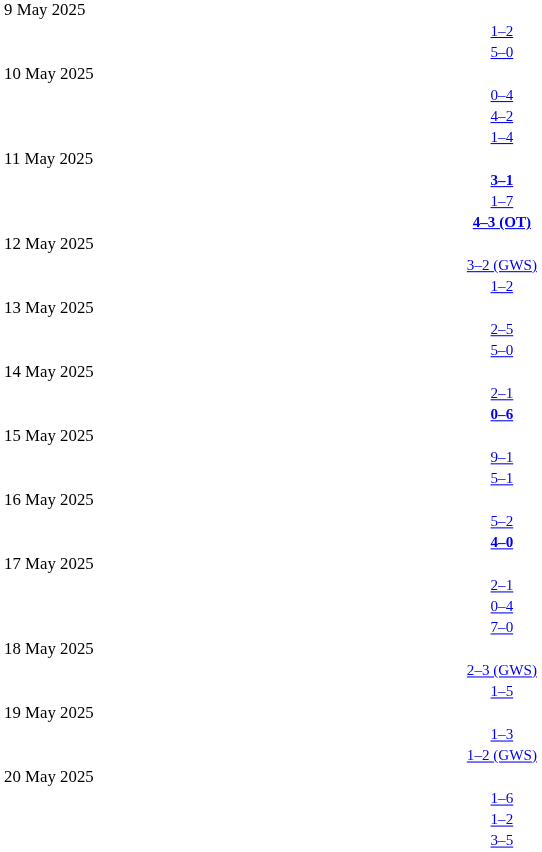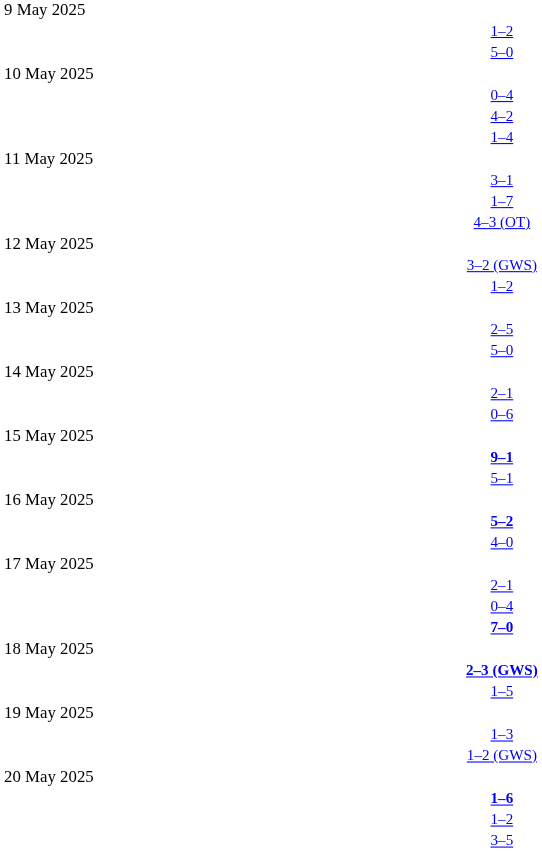 <table style="width:100%;" cellspacing="1">
 <tr>
 <th width=25%></th>
 <th width=2%></th>
 <th width=6%></th>
 <th width=2%></th>
 <th width=25%></th>
 </tr>
 <tr>
 <td>9 May 2025</td>
 </tr>
 <tr style=font-size:90%>
 <td align=right></td>
 <td></td>
 <td align=center><a href='#'>1–2</a></td>
 <td></td>
 <td></td>
 <td></td>
 </tr>
 <tr style=font-size:90%>
 <td align=right></td>
 <td></td>
 <td align=center><a href='#'>5–0</a></td>
 <td></td>
 <td></td>
 <td></td>
 </tr>
 <tr>
 <td>10 May 2025</td>
 </tr>
 <tr style=font-size:90%>
 <td align=right></td>
 <td></td>
 <td align=center><a href='#'>0–4</a></td>
 <td></td>
 <td></td>
 <td></td>
 </tr>
 <tr style=font-size:90%>
 <td align=right></td>
 <td></td>
 <td align=center><a href='#'>4–2</a></td>
 <td></td>
 <td></td>
 <td></td>
 </tr>
 <tr style=font-size:90%>
 <td align=right></td>
 <td></td>
 <td align=center><a href='#'>1–4</a></td>
 <td></td>
 <td></td>
 <td></td>
 </tr>
 <tr>
 <td>11 May 2025</td>
 </tr>
 <tr style=font-size:90%>
 <td align=right></td>
 <td></td>
-<td align=center><strong><a href='#'>3–1</a></strong></td>
+<td align=center><a href='#'>3–1</a></td>
 <td></td>
 <td></td>
 <td></td>
 </tr>
 <tr style=font-size:90%>
 <td align=right></td>
 <td></td>
 <td align=center><a href='#'>1–7</a></td>
 <td></td>
 <td></td>
 <td></td>
 </tr>
 <tr style=font-size:90%>
 <td align=right></td>
 <td></td>
-<td align=center><strong><a href='#'>4–3 (OT)</a></strong></td>
+<td align=center><a href='#'>4–3 (OT)</a></td>
 <td></td>
 <td></td>
 <td></td>
 </tr>
 <tr>
 <td>12 May 2025</td>
 </tr>
 <tr style=font-size:90%>
 <td align=right></td>
 <td></td>
 <td align=center><a href='#'>3–2 (GWS)</a></td>
 <td></td>
 <td></td>
 <td></td>
 </tr>
 <tr style=font-size:90%>
 <td align=right></td>
 <td></td>
 <td align=center><a href='#'>1–2</a></td>
 <td></td>
 <td></td>
 <td></td>
 </tr>
 <tr>
 <td>13 May 2025</td>
 </tr>
 <tr style=font-size:90%>
 <td align=right></td>
 <td></td>
 <td align=center><a href='#'>2–5</a></td>
 <td></td>
 <td></td>
 <td></td>
 </tr>
 <tr style=font-size:90%>
 <td align=right></td>
 <td></td>
 <td align=center><a href='#'>5–0</a></td>
 <td></td>
 <td></td>
 <td></td>
 </tr>
 <tr>
 <td>14 May 2025</td>
 </tr>
 <tr style=font-size:90%>
 <td align=right></td>
 <td></td>
 <td align=center><a href='#'>2–1</a></td>
 <td></td>
 <td></td>
 <td></td>
 </tr>
 <tr style=font-size:90%>
 <td align=right></td>
 <td></td>
-<td align=center><strong><a href='#'>0–6</a></strong></td>
+<td align=center><a href='#'>0–6</a></td>
 <td></td>
 <td></td>
 <td></td>
 </tr>
 <tr>
 <td>15 May 2025</td>
 </tr>
 <tr style=font-size:90%>
 <td align=right></td>
 <td></td>
-<td align=center><a href='#'>9–1</a></td>
+<td align=center><strong><a href='#'>9–1</a></strong></td>
 <td></td>
 <td></td>
 <td></td>
 </tr>
 <tr style=font-size:90%>
 <td align=right></td>
 <td></td>
 <td align=center><a href='#'>5–1</a></td>
 <td></td>
 <td></td>
 <td></td>
 </tr>
 <tr>
 <td>16 May 2025</td>
 </tr>
 <tr style=font-size:90%>
 <td align=right></td>
 <td></td>
-<td align=center><a href='#'>5–2</a></td>
+<td align=center><strong><a href='#'>5–2</a></strong></td>
 <td></td>
 <td></td>
 <td></td>
 </tr>
 <tr style=font-size:90%>
 <td align=right></td>
 <td></td>
-<td align=center><strong><a href='#'>4–0</a></strong></td>
+<td align=center><a href='#'>4–0</a></td>
 <td></td>
 <td></td>
 <td></td>
 </tr>
 <tr>
 <td>17 May 2025</td>
 </tr>
 <tr style=font-size:90%>
 <td align=right></td>
 <td></td>
 <td align=center><a href='#'>2–1</a></td>
 <td></td>
 <td></td>
 <td></td>
 </tr>
 <tr style=font-size:90%>
 <td align=right></td>
 <td></td>
 <td align=center><a href='#'>0–4</a></td>
 <td></td>
 <td></td>
 <td></td>
 </tr>
 <tr style=font-size:90%>
 <td align=right></td>
 <td></td>
-<td align=center><a href='#'>7–0</a></td>
+<td align=center><strong><a href='#'>7–0</a></strong></td>
 <td></td>
 <td></td>
 <td></td>
 </tr>
 <tr>
 <td>18 May 2025</td>
 </tr>
 <tr style=font-size:90%>
 <td align=right></td>
 <td></td>
-<td align=center><a href='#'>2–3 (GWS)</a></td>
+<td align=center><strong><a href='#'>2–3 (GWS)</a></strong></td>
 <td></td>
 <td></td>
 <td></td>
 </tr>
 <tr style=font-size:90%>
 <td align=right></td>
 <td></td>
 <td align=center><a href='#'>1–5</a></td>
 <td></td>
 <td></td>
 <td></td>
 </tr>
 <tr>
 <td>19 May 2025</td>
 </tr>
 <tr style=font-size:90%>
 <td align=right></td>
 <td></td>
 <td align=center><a href='#'>1–3</a></td>
 <td></td>
 <td></td>
 <td></td>
 </tr>
 <tr style=font-size:90%>
 <td align=right></td>
 <td></td>
 <td align=center><a href='#'>1–2 (GWS)</a></td>
 <td></td>
 <td></td>
 <td></td>
 </tr>
 <tr>
 <td>20 May 2025</td>
 </tr>
 <tr style=font-size:90%>
 <td align=right></td>
 <td></td>
-<td align=center><a href='#'>1–6</a></td>
+<td align=center><strong><a href='#'>1–6</a></strong></td>
 <td></td>
 <td></td>
 <td></td>
 </tr>
 <tr style=font-size:90%>
 <td align=right></td>
 <td></td>
 <td align=center><a href='#'>1–2</a></td>
 <td></td>
 <td></td>
 <td></td>
 </tr>
 <tr style=font-size:90%>
 <td align=right></td>
 <td></td>
 <td align=center><a href='#'>3–5</a></td>
 <td></td>
 <td></td>
 <td></td>
 </tr>
 </table>
